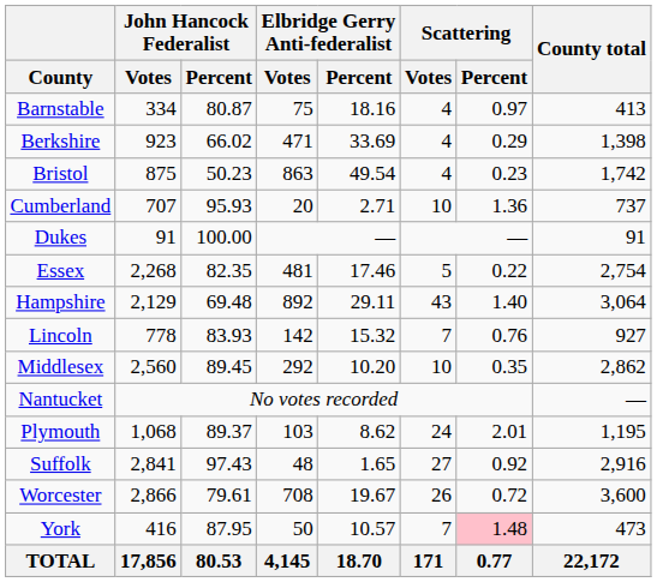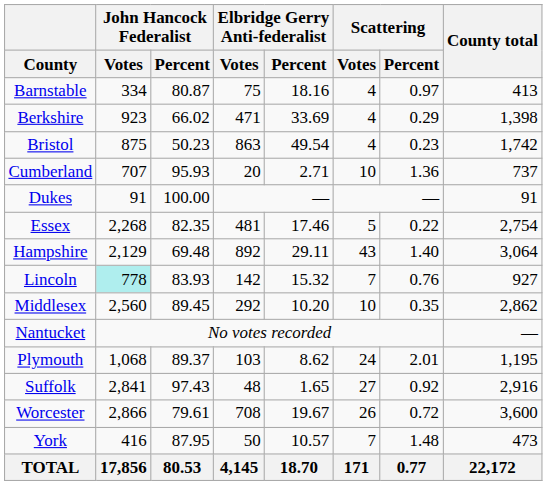 <table class="wikitable sortable" style="text-align:right">
 <tr>
 <th></th>
 <th align=center colspan=2>John Hancock<br>Federalist</th>
 <th align=center colspan=2>Elbridge Gerry<br>Anti-federalist</th>
 <th align=center colspan=2>Scattering</th>
 <th align=center rowspan=2>County total</th>
 </tr>
 <tr>
 <th align=center>County</th>
 <th align=center>Votes</th>
 <th align=center>Percent</th>
 <th align=center>Votes</th>
 <th align=center>Percent</th>
 <th align=center>Votes</th>
 <th align=center>Percent</th>
 </tr>
 <tr>
 <td align=center><a href='#'>Barnstable</a></td>
 <td align=right>334</td>
 <td align=right>80.87</td>
 <td align=right>75</td>
 <td align=right>18.16</td>
 <td align=right>4</td>
 <td align=right>0.97</td>
 <td align=right>413</td>
 </tr>
 <tr>
 <td align=center><a href='#'>Berkshire</a></td>
 <td align=right>923</td>
 <td align=right>66.02</td>
 <td align=right>471</td>
 <td align=right>33.69</td>
 <td align=right>4</td>
 <td align=right>0.29</td>
 <td align=right>1,398</td>
 </tr>
 <tr>
 <td align=center><a href='#'>Bristol</a></td>
 <td align=right>875</td>
 <td align=right>50.23</td>
 <td align=right>863</td>
 <td align=right>49.54</td>
 <td align=right>4</td>
 <td align=right>0.23</td>
 <td align=right>1,742</td>
 </tr>
 <tr>
 <td align=center><a href='#'>Cumberland</a></td>
 <td align=right>707</td>
 <td align=right>95.93</td>
 <td align=right>20</td>
 <td align=right>2.71</td>
 <td align=right>10</td>
 <td align=right>1.36</td>
 <td align=right>737</td>
 </tr>
 <tr>
 <td align=center><a href='#'>Dukes</a></td>
 <td align=right>91</td>
 <td align=right>100.00</td>
 <td align=right colspan=2>—</td>
 <td align=right colspan=2>—</td>
 <td align=right>91</td>
 </tr>
 <tr>
 <td align=center><a href='#'>Essex</a></td>
 <td align=right>2,268</td>
 <td align=right>82.35</td>
 <td align=right>481</td>
 <td align=right>17.46</td>
 <td align=right>5</td>
 <td align=right>0.22</td>
 <td align=right>2,754</td>
 </tr>
 <tr>
 <td align=center><a href='#'>Hampshire</a></td>
 <td align=right>2,129</td>
 <td align=right>69.48</td>
 <td align=right>892</td>
 <td align=right>29.11</td>
 <td align=right>43</td>
 <td align=right>1.40</td>
 <td align=right>3,064</td>
 </tr>
 <tr>
 <td align=center><a href='#'>Lincoln</a></td>
-<td align=right>778</td>
+<td align=right style="background: paleturquoise;">778</td>
 <td align=right>83.93</td>
 <td align=right>142</td>
 <td align=right>15.32</td>
 <td align=right>7</td>
 <td align=right>0.76</td>
 <td align=right>927</td>
 </tr>
 <tr>
 <td align=center><a href='#'>Middlesex</a></td>
 <td align=right>2,560</td>
 <td align=right>89.45</td>
 <td align=right>292</td>
 <td align=right>10.20</td>
 <td align=right>10</td>
 <td align=right>0.35</td>
 <td align=right>2,862</td>
 </tr>
 <tr>
 <td align=center><a href='#'>Nantucket</a></td>
 <td align=center colspan=6><em>No votes recorded</em></td>
 <td align=right>—</td>
 </tr>
 <tr>
 <td align=center><a href='#'>Plymouth</a></td>
 <td align=right>1,068</td>
 <td align=right>89.37</td>
 <td align=right>103</td>
 <td align=right>8.62</td>
 <td align=right>24</td>
 <td align=right>2.01</td>
 <td align=right>1,195</td>
 </tr>
 <tr>
 <td align=center><a href='#'>Suffolk</a></td>
 <td align=right>2,841</td>
 <td align=right>97.43</td>
 <td align=right>48</td>
 <td align=right>1.65</td>
 <td align=right>27</td>
 <td align=right>0.92</td>
 <td align=right>2,916</td>
 </tr>
 <tr>
 <td align=center><a href='#'>Worcester</a></td>
 <td align=right>2,866</td>
 <td align=right>79.61</td>
 <td align=right>708</td>
 <td align=right>19.67</td>
 <td align=right>26</td>
 <td align=right>0.72</td>
 <td align=right>3,600</td>
 </tr>
 <tr>
 <td align=center><a href='#'>York</a></td>
 <td align=right>416</td>
 <td align=right>87.95</td>
 <td align=right>50</td>
 <td align=right>10.57</td>
 <td align=right>7</td>
-<td align=right style="background: pink;">1.48</td>
+<td align=right>1.48</td>
 <td align=right>473</td>
 </tr>
 <tr>
 <th>TOTAL</th>
 <th>17,856</th>
 <th>80.53</th>
 <th>4,145</th>
 <th>18.70</th>
 <th>171</th>
 <th>0.77</th>
 <th>22,172</th>
 </tr>
 </table>
